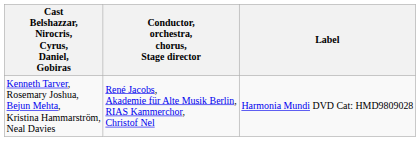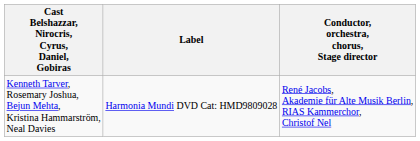 <table class="wikitable">
 <tr>
 <th>Cast<br>Belshazzar,<br>Nirocris,<br>Cyrus,<br>Daniel,<br>Gobiras</th>
+<th>Label</th>
 <th>Conductor,<br>orchestra,<br>chorus,<br>Stage director</th>
-<th>Label</th>
 </tr>
 <tr>
 <td><a href='#'>Kenneth Tarver</a>,<br>Rosemary Joshua,<br><a href='#'>Bejun Mehta</a>,<br> Kristina Hammarström,<br>Neal Davies</td>
+<td><a href='#'>Harmonia Mundi</a> DVD Cat: HMD9809028</td>
 <td><a href='#'>René Jacobs</a>,<br><a href='#'>Akademie für Alte Musik Berlin</a>,<br><a href='#'>RIAS Kammerchor</a>,<br><a href='#'>Christof Nel</a></td>
-<td><a href='#'>Harmonia Mundi</a> DVD Cat: HMD9809028</td>
 </tr>
 </table>
